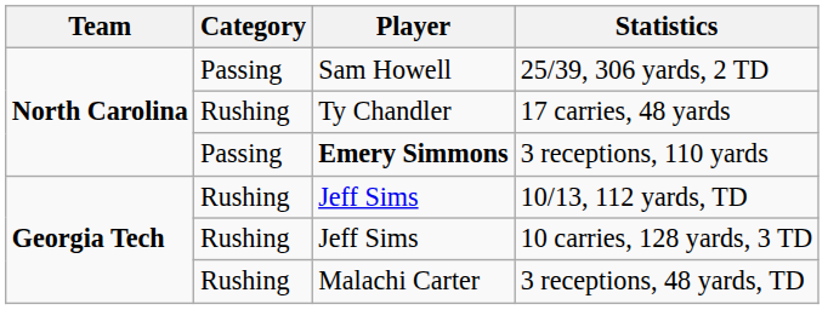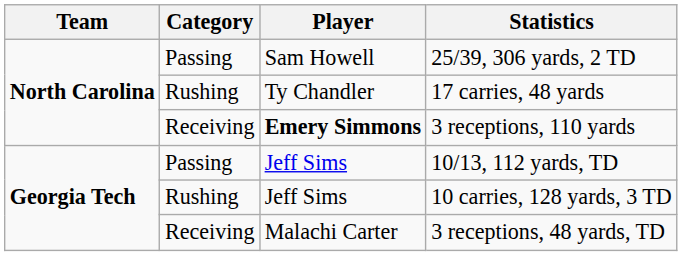 <table class="wikitable" style="float: left;">
 <tr>
 <th>Team</th>
 <th>Category</th>
 <th>Player</th>
 <th>Statistics</th>
 </tr>
 <tr>
 <td rowspan=3><strong>North Carolina</strong></td>
 <td>Passing</td>
 <td>Sam Howell</td>
 <td>25/39, 306 yards, 2 TD</td>
 </tr>
 <tr>
 <td>Rushing</td>
 <td>Ty Chandler</td>
 <td>17 carries, 48 yards</td>
 </tr>
 <tr>
-<td>Passing</td>
+<td>Receiving</td>
 <td><strong>Emery Simmons</strong></td>
 <td>3 receptions, 110 yards</td>
 </tr>
 <tr>
 <td rowspan=3><strong>Georgia Tech</strong></td>
-<td>Rushing</td>
+<td>Passing</td>
 <td><a href='#'>Jeff Sims</a></td>
 <td>10/13, 112 yards, TD</td>
 </tr>
 <tr>
 <td>Rushing</td>
 <td>Jeff Sims</td>
 <td>10 carries, 128 yards, 3 TD</td>
 </tr>
 <tr>
-<td>Rushing</td>
+<td>Receiving</td>
 <td>Malachi Carter</td>
 <td>3 receptions, 48 yards, TD</td>
 </tr>
 </table>
